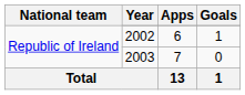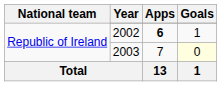 <table class="wikitable" style="text-align:center">
 <tr>
 <th>National team</th>
 <th>Year</th>
 <th>Apps</th>
 <th>Goals</th>
 </tr>
 <tr>
 <td rowspan=3><a href='#'>Republic of Ireland</a></td>
 </tr>
 <tr>
 <td>2002</td>
-<td>6</td>
+<td><strong>6</strong></td>
 <td>1</td>
 </tr>
 <tr>
 <td>2003</td>
 <td>7</td>
-<td>0</td>
+<td style="background: lightyellow;">0</td>
 </tr>
 <tr>
 <th colspan=2>Total</th>
 <th>13</th>
 <th>1</th>
 </tr>
 </table>
